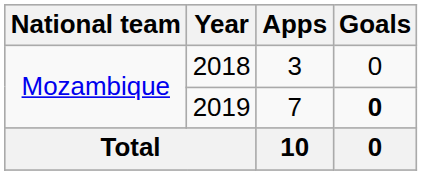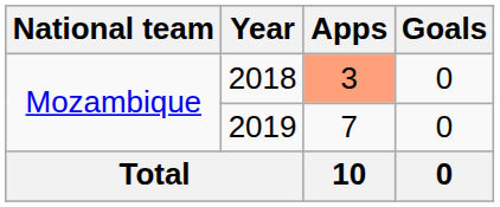 <table class="wikitable" style="text-align:center">
 <tr>
 <th>National team</th>
 <th>Year</th>
 <th>Apps</th>
 <th>Goals</th>
 </tr>
 <tr>
 <td rowspan="2"><a href='#'>Mozambique</a></td>
 <td>2018</td>
-<td>3</td>
+<td style="background: lightsalmon;">3</td>
 <td>0</td>
 </tr>
 <tr>
 <td>2019</td>
 <td>7</td>
-<td><strong>0</strong></td>
+<td>0</td>
 </tr>
 <tr>
 <th colspan=2>Total</th>
 <th>10</th>
 <th>0</th>
 </tr>
 </table>
